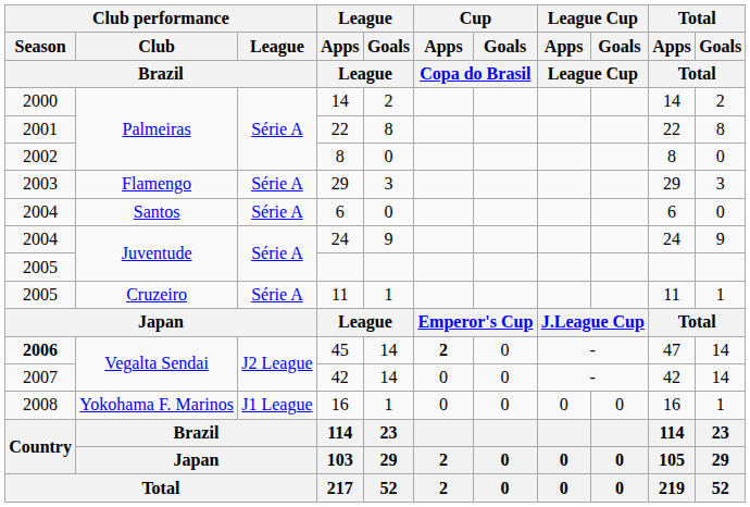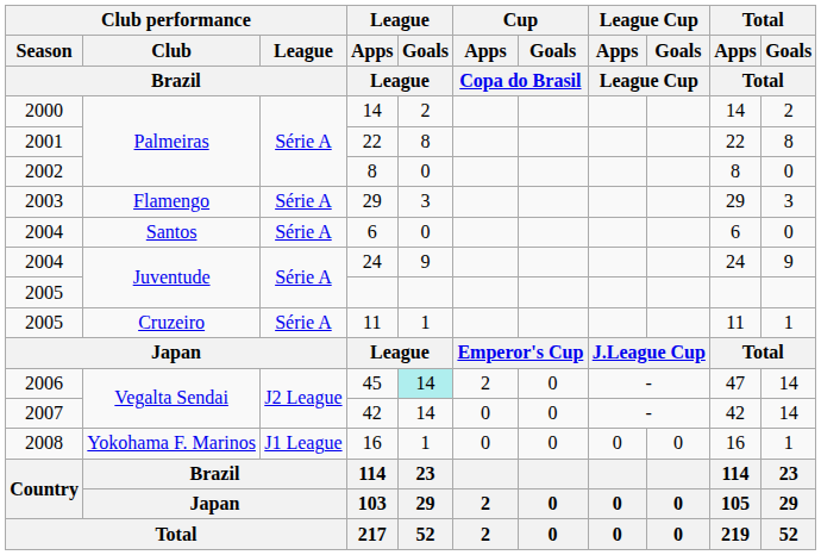 <table class="wikitable" style="text-align:center;">
 <tr>
 <th colspan=3>Club performance</th>
 <th colspan=2>League</th>
 <th colspan=2>Cup</th>
 <th colspan=2>League Cup</th>
 <th colspan=2>Total</th>
 </tr>
 <tr>
 <th>Season</th>
 <th>Club</th>
 <th>League</th>
 <th>Apps</th>
 <th>Goals</th>
 <th>Apps</th>
 <th>Goals</th>
 <th>Apps</th>
 <th>Goals</th>
 <th>Apps</th>
 <th>Goals</th>
 </tr>
 <tr>
 <th colspan=3>Brazil</th>
 <th colspan=2>League</th>
 <th colspan=2><a href='#'>Copa do Brasil</a></th>
 <th colspan=2>League Cup</th>
 <th colspan=2>Total</th>
 </tr>
 <tr>
 <td>2000</td>
 <td rowspan="3"><a href='#'>Palmeiras</a></td>
 <td rowspan="3"><a href='#'>Série A</a></td>
 <td>14</td>
 <td>2</td>
 <td></td>
 <td></td>
 <td></td>
 <td></td>
 <td>14</td>
 <td>2</td>
 </tr>
 <tr>
 <td>2001</td>
 <td>22</td>
 <td>8</td>
 <td></td>
 <td></td>
 <td></td>
 <td></td>
 <td>22</td>
 <td>8</td>
 </tr>
 <tr>
 <td>2002</td>
 <td>8</td>
 <td>0</td>
 <td></td>
 <td></td>
 <td></td>
 <td></td>
 <td>8</td>
 <td>0</td>
 </tr>
 <tr>
 <td>2003</td>
 <td><a href='#'>Flamengo</a></td>
 <td><a href='#'>Série A</a></td>
 <td>29</td>
 <td>3</td>
 <td></td>
 <td></td>
 <td></td>
 <td></td>
 <td>29</td>
 <td>3</td>
 </tr>
 <tr>
 <td>2004</td>
 <td><a href='#'>Santos</a></td>
 <td><a href='#'>Série A</a></td>
 <td>6</td>
 <td>0</td>
 <td></td>
 <td></td>
 <td></td>
 <td></td>
 <td>6</td>
 <td>0</td>
 </tr>
 <tr>
 <td>2004</td>
 <td rowspan="2"><a href='#'>Juventude</a></td>
 <td rowspan="2"><a href='#'>Série A</a></td>
 <td>24</td>
 <td>9</td>
 <td></td>
 <td></td>
 <td></td>
 <td></td>
 <td>24</td>
 <td>9</td>
 </tr>
 <tr>
 <td>2005</td>
 <td></td>
 <td></td>
 <td></td>
 <td></td>
 <td></td>
 <td></td>
 <td></td>
 <td></td>
 </tr>
 <tr>
 <td>2005</td>
 <td><a href='#'>Cruzeiro</a></td>
 <td><a href='#'>Série A</a></td>
 <td>11</td>
 <td>1</td>
 <td></td>
 <td></td>
 <td></td>
 <td></td>
 <td>11</td>
 <td>1</td>
 </tr>
 <tr>
 <th colspan=3>Japan</th>
 <th colspan=2>League</th>
 <th colspan=2><a href='#'>Emperor's Cup</a></th>
 <th colspan=2><a href='#'>J.League Cup</a></th>
 <th colspan=2>Total</th>
 </tr>
 <tr>
-<td><strong>2006</strong></td>
+<td>2006</td>
 <td rowspan="2"><a href='#'>Vegalta Sendai</a></td>
 <td rowspan="2"><a href='#'>J2 League</a></td>
 <td>45</td>
-<td>14</td>
-<td><strong>2</strong></td>
+<td style="background: paleturquoise;">14</td>
+<td>2</td>
 <td>0</td>
 <td colspan="2">-</td>
 <td>47</td>
 <td>14</td>
 </tr>
 <tr>
 <td>2007</td>
 <td>42</td>
 <td>14</td>
 <td>0</td>
 <td>0</td>
 <td colspan="2">-</td>
 <td>42</td>
 <td>14</td>
 </tr>
 <tr>
 <td>2008</td>
 <td><a href='#'>Yokohama F. Marinos</a></td>
 <td><a href='#'>J1 League</a></td>
 <td>16</td>
 <td>1</td>
 <td>0</td>
 <td>0</td>
 <td>0</td>
 <td>0</td>
 <td>16</td>
 <td>1</td>
 </tr>
 <tr>
 <th rowspan=2>Country</th>
 <th colspan=2>Brazil</th>
 <th>114</th>
 <th>23</th>
 <th></th>
 <th></th>
 <th></th>
 <th></th>
 <th>114</th>
 <th>23</th>
 </tr>
 <tr>
 <th colspan=2>Japan</th>
 <th>103</th>
 <th>29</th>
 <th>2</th>
 <th>0</th>
 <th>0</th>
 <th>0</th>
 <th>105</th>
 <th>29</th>
 </tr>
 <tr>
 <th colspan=3>Total</th>
 <th>217</th>
 <th>52</th>
 <th>2</th>
 <th>0</th>
 <th>0</th>
 <th>0</th>
 <th>219</th>
 <th>52</th>
 </tr>
 </table>
